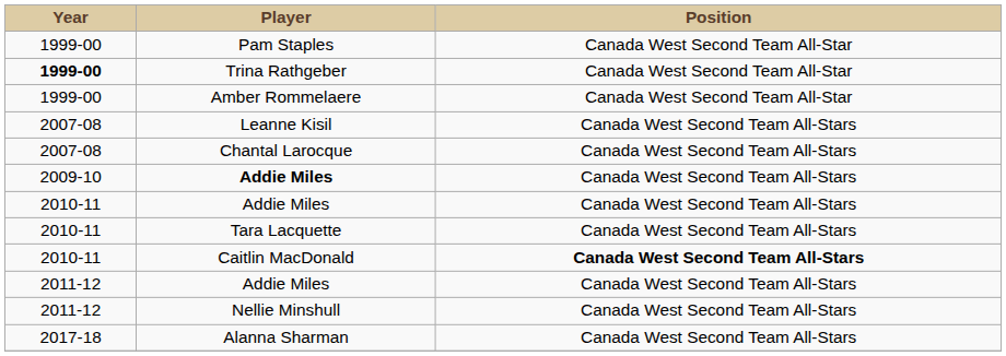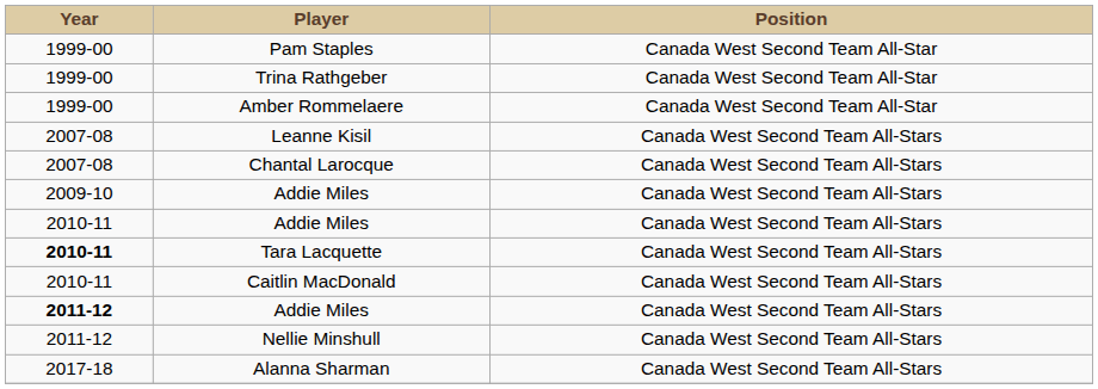 <table class="wikitable" width="60%">
 <tr align="center"  style="background:#DDCCA5;color:#593D2B;">
 <td><strong>Year</strong></td>
 <td><strong>Player</strong></td>
 <td><strong>Position</strong></td>
 </tr>
 <tr align="center" bgcolor="">
 <td>1999-00</td>
 <td>Pam Staples</td>
 <td>Canada West Second Team All-Star</td>
 </tr>
 <tr align="center" bgcolor="">
-<td><strong>1999-00</strong></td>
+<td>1999-00</td>
 <td>Trina Rathgeber</td>
 <td>Canada West Second Team All-Star</td>
 </tr>
 <tr align="center" bgcolor="">
 <td>1999-00</td>
 <td>Amber Rommelaere</td>
 <td>Canada West Second Team All-Star</td>
 </tr>
 <tr align="center" bgcolor="">
 <td>2007-08</td>
 <td>Leanne Kisil</td>
 <td>Canada West Second Team All-Stars</td>
 </tr>
 <tr align="center" bgcolor="">
 <td>2007-08</td>
 <td>Chantal Larocque</td>
 <td>Canada West Second Team All-Stars</td>
 </tr>
 <tr align="center" bgcolor="">
 <td>2009-10</td>
-<td><strong>Addie Miles</strong></td>
+<td>Addie Miles</td>
 <td>Canada West Second Team All-Stars</td>
 </tr>
 <tr align="center" bgcolor="">
 <td>2010-11</td>
 <td>Addie Miles</td>
 <td>Canada West Second Team All-Stars</td>
 </tr>
 <tr align="center" bgcolor="">
-<td>2010-11</td>
+<td><strong>2010-11</strong></td>
 <td>Tara Lacquette</td>
 <td>Canada West Second Team All-Stars</td>
 </tr>
 <tr align="center" bgcolor="">
 <td>2010-11</td>
 <td>Caitlin MacDonald</td>
-<td><strong>Canada West Second Team All-Stars</strong></td>
+<td>Canada West Second Team All-Stars</td>
 </tr>
 <tr align="center" bgcolor="">
-<td>2011-12</td>
+<td><strong>2011-12</strong></td>
 <td>Addie Miles</td>
 <td>Canada West Second Team All-Stars</td>
 </tr>
 <tr align="center" bgcolor="">
 <td>2011-12</td>
 <td>Nellie Minshull</td>
 <td>Canada West Second Team All-Stars</td>
 </tr>
 <tr align="center" bgcolor="">
 <td>2017-18</td>
 <td>Alanna Sharman</td>
 <td>Canada West Second Team All-Stars</td>
 </tr>
 <tr align="center" bgcolor="">
 </tr>
 </table>
